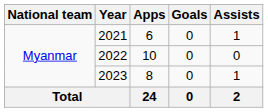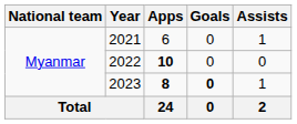 <table class=wikitable style=text-align:center>
 <tr>
 <th>National team</th>
 <th>Year</th>
 <th>Apps</th>
 <th>Goals</th>
 <th>Assists</th>
 </tr>
 <tr>
 <td rowspan=3><a href='#'>Myanmar</a></td>
 <td>2021</td>
 <td>6</td>
 <td>0</td>
 <td>1</td>
 </tr>
 <tr>
 <td>2022</td>
-<td>10</td>
+<td><strong>10</strong></td>
 <td>0</td>
 <td>0</td>
 </tr>
 <tr>
 <td>2023</td>
-<td>8</td>
-<td>0</td>
+<td><strong>8</strong></td>
+<td><strong>0</strong></td>
 <td>1</td>
 </tr>
 <tr>
 <th colspan=2>Total</th>
 <th>24</th>
 <th>0</th>
 <th>2</th>
 </tr>
 </table>
